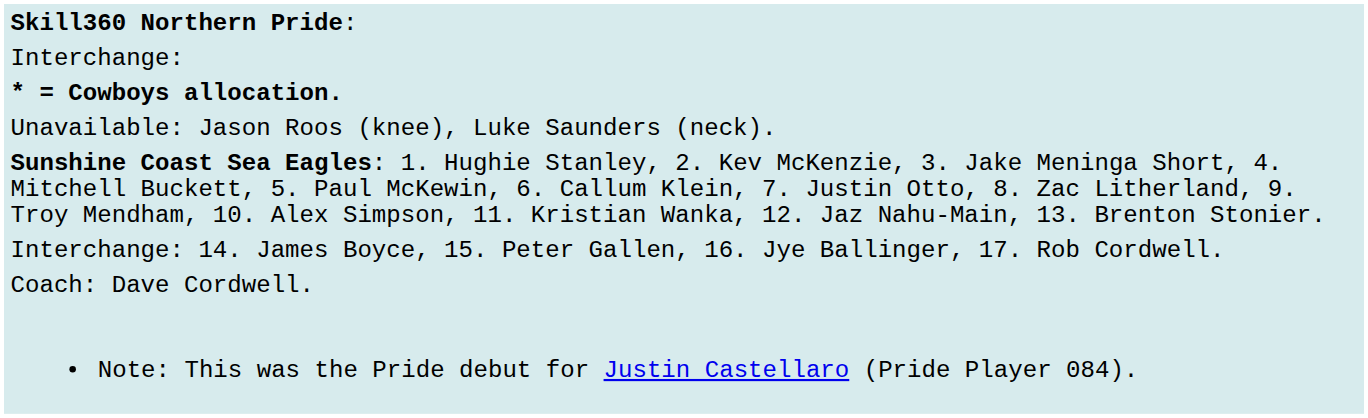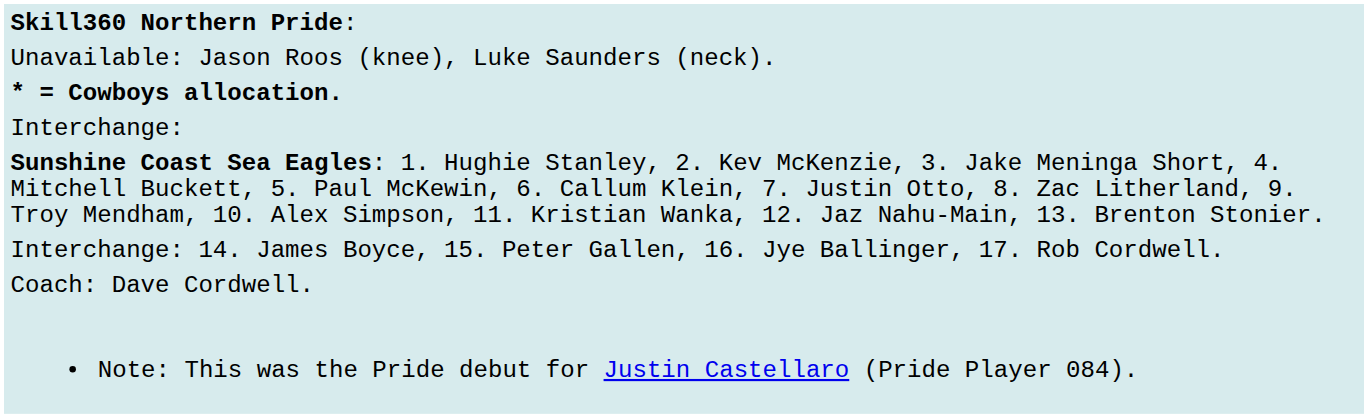 <table style="background:#d7ebed; font-size:85%; width:100%;">
 <tr>
 <td><strong>Skill360 Northern Pride</strong>:             </td>
 </tr>
 <tr>
-<td>Interchange:    </td>
+<td>Unavailable: Jason Roos (knee), Luke Saunders (neck).</td>
 </tr>
 <tr>
 <td><strong>* = Cowboys allocation.</strong></td>
 </tr>
 <tr>
-<td>Unavailable: Jason Roos (knee), Luke Saunders (neck).</td>
+<td>Interchange:    </td>
 </tr>
 <tr>
 <td><strong>Sunshine Coast Sea Eagles</strong>: 1. Hughie Stanley, 2. Kev McKenzie, 3. Jake Meninga Short, 4. Mitchell Buckett, 5. Paul McKewin, 6. Callum Klein, 7. Justin Otto, 8. Zac Litherland, 9. Troy Mendham, 10. Alex Simpson, 11. Kristian Wanka, 12. Jaz Nahu-Main, 13. Brenton Stonier.</td>
 </tr>
 <tr>
 <td>Interchange: 14. James Boyce, 15. Peter Gallen, 16. Jye Ballinger, 17. Rob Cordwell.</td>
 </tr>
 <tr>
 <td>Coach: Dave Cordwell.</td>
 </tr>
 <tr>
 <td><br><ul><li>Note: This was the Pride debut for <a href='#'>Justin Castellaro</a> (Pride Player 084).</li></ul></td>
 </tr>
 </table>
